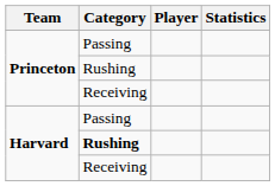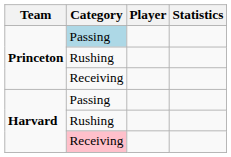 <table class="wikitable" style="float: right;">
 <tr>
 <th>Team</th>
 <th>Category</th>
 <th>Player</th>
 <th>Statistics</th>
 </tr>
 <tr>
 <td rowspan=3><strong>Princeton</strong></td>
-<td>Passing</td>
+<td style="background: lightblue;">Passing</td>
 <td></td>
 <td></td>
 </tr>
 <tr>
 <td>Rushing</td>
 <td></td>
 <td></td>
 </tr>
 <tr>
 <td>Receiving</td>
 <td></td>
 <td></td>
 </tr>
 <tr>
 <td rowspan=3><strong>Harvard</strong></td>
 <td>Passing</td>
 <td></td>
 <td></td>
 </tr>
 <tr>
-<td><strong>Rushing</strong></td>
+<td>Rushing</td>
 <td></td>
 <td></td>
 </tr>
 <tr>
-<td>Receiving</td>
+<td style="background: pink;">Receiving</td>
 <td></td>
 <td></td>
 </tr>
 </table>
